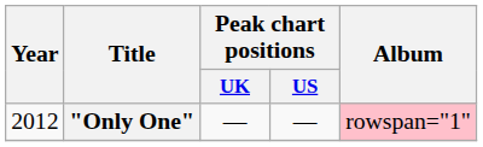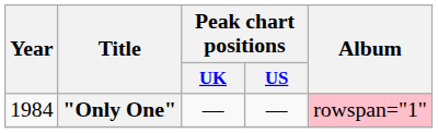 <table class="wikitable plainrowheaders" style="text-align:center;">
 <tr>
 <th scope="col" rowspan="2">Year</th>
 <th scope="col" rowspan="2">Title</th>
 <th scope="col" colspan="2">Peak chart positions</th>
 <th scope="col" rowspan="2">Album</th>
 </tr>
 <tr>
 <th scope="col" style="width:3em;font-size:85%;"><a href='#'>UK</a></th>
 <th scope="col" style="width:3em;font-size:85%;"><a href='#'>US</a></th>
 </tr>
 <tr>
-<td rowspan="1">2012</td>
+<td rowspan="1">1984</td>
 <th scope="row">"Only One"</th>
 <td>—</td>
 <td>—</td>
 <td style="background: pink;">rowspan="1" </td>
 </tr>
 <tr>
 </tr>
 </table>
